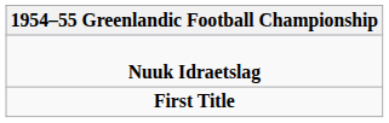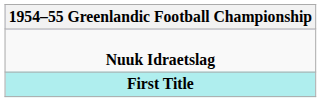 <table class="wikitable" style="margin: 1em auto 1em auto;">
 <tr bgcolor="#CCCCFF" align="center">
 <th>1954–55 Greenlandic Football Championship</th>
 </tr>
 <tr>
 <td align="center"><br><strong>Nuuk Idraetslag</strong></td>
 </tr>
 <tr>
-<td align="center"><strong>First Title</strong></td>
+<td align="center" style="background: paleturquoise;"><strong>First Title</strong></td>
 </tr>
 </table>
